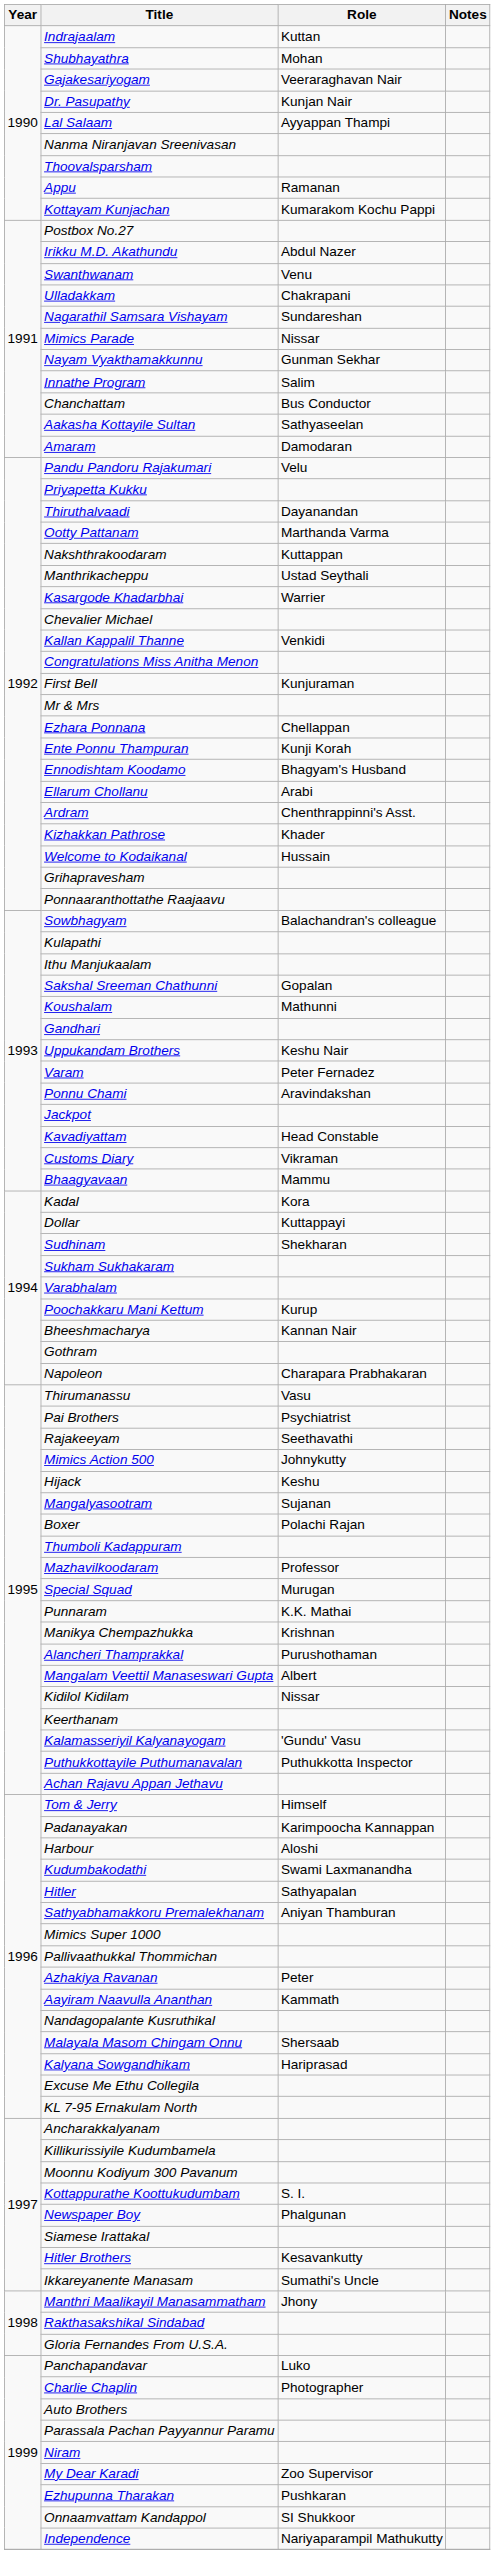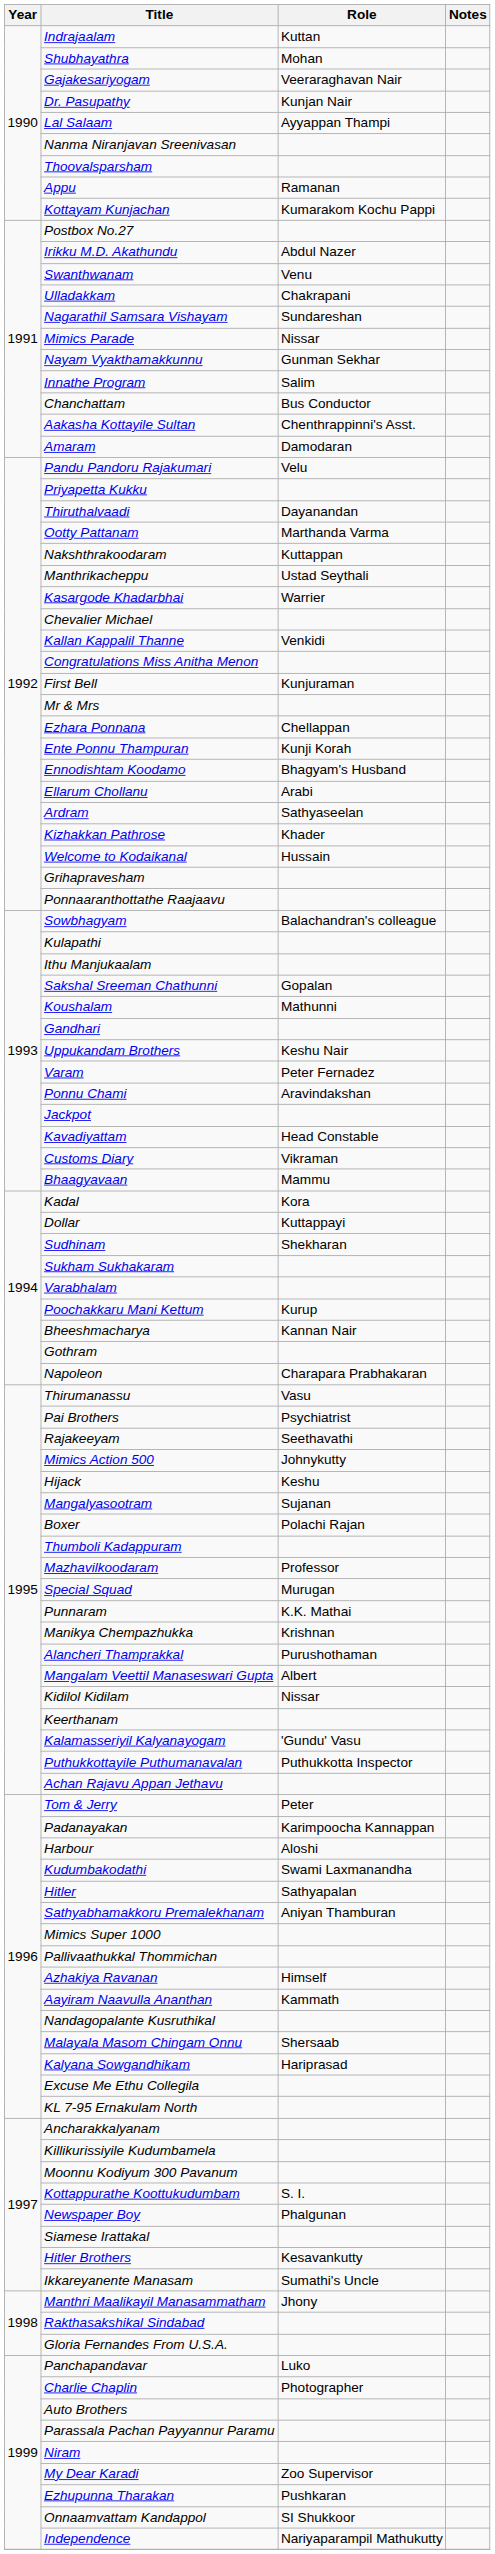 <table class="wikitable sortable">
 <tr>
 <th>Year</th>
 <th>Title</th>
 <th>Role</th>
 <th class="unsortable">Notes</th>
 </tr>
 <tr>
 <td rowspan=9>1990</td>
 <td><em><a href='#'>Indrajaalam</a></em></td>
 <td>Kuttan</td>
 <td></td>
 </tr>
 <tr>
 <td><em><a href='#'>Shubhayathra</a></em></td>
 <td>Mohan</td>
 <td></td>
 </tr>
 <tr>
 <td><em><a href='#'>Gajakesariyogam</a></em></td>
 <td>Veeraraghavan Nair</td>
 <td></td>
 </tr>
 <tr>
 <td><em><a href='#'>Dr. Pasupathy</a></em></td>
 <td>Kunjan Nair</td>
 <td></td>
 </tr>
 <tr>
 <td><em><a href='#'>Lal Salaam</a></em></td>
 <td>Ayyappan Thampi</td>
 <td></td>
 </tr>
 <tr>
 <td><em>Nanma Niranjavan Sreenivasan</em></td>
 <td></td>
 <td></td>
 </tr>
 <tr>
 <td><em><a href='#'>Thoovalsparsham</a></em></td>
 <td></td>
 <td></td>
 </tr>
 <tr>
 <td><em><a href='#'>Appu</a></em></td>
 <td>Ramanan</td>
 <td></td>
 </tr>
 <tr>
 <td><em><a href='#'>Kottayam Kunjachan</a></em></td>
 <td>Kumarakom Kochu Pappi</td>
 <td></td>
 </tr>
 <tr>
 <td rowspan=11>1991</td>
 <td><em>Postbox No.27</em></td>
 <td></td>
 <td></td>
 </tr>
 <tr>
 <td><em><a href='#'>Irikku M.D. Akathundu</a></em></td>
 <td>Abdul Nazer</td>
 <td></td>
 </tr>
 <tr>
 <td><em><a href='#'>Swanthwanam</a></em></td>
 <td>Venu</td>
 <td></td>
 </tr>
 <tr>
 <td><em><a href='#'>Ulladakkam</a></em></td>
 <td>Chakrapani</td>
 <td></td>
 </tr>
 <tr>
 <td><em><a href='#'>Nagarathil Samsara Vishayam</a></em></td>
 <td>Sundareshan</td>
 <td></td>
 </tr>
 <tr>
 <td><em><a href='#'>Mimics Parade</a></em></td>
 <td>Nissar</td>
 <td></td>
 </tr>
 <tr>
 <td><em><a href='#'>Nayam Vyakthamakkunnu</a></em></td>
 <td>Gunman Sekhar</td>
 <td></td>
 </tr>
 <tr>
 <td><em><a href='#'>Innathe Program</a></em></td>
 <td>Salim</td>
 <td></td>
 </tr>
 <tr>
 <td><em>Chanchattam</em></td>
 <td>Bus Conductor</td>
 <td></td>
 </tr>
 <tr>
 <td><em><a href='#'>Aakasha Kottayile Sultan</a></em></td>
-<td>Sathyaseelan</td>
+<td>Chenthrappinni's Asst.</td>
 <td></td>
 </tr>
 <tr>
 <td><em><a href='#'>Amaram</a></em></td>
 <td>Damodaran</td>
 <td></td>
 </tr>
 <tr>
 <td rowspan=21>1992</td>
 <td><em><a href='#'>Pandu Pandoru Rajakumari</a></em></td>
 <td>Velu</td>
 <td></td>
 </tr>
 <tr>
 <td><em><a href='#'>Priyapetta Kukku</a></em></td>
 <td></td>
 <td></td>
 </tr>
 <tr>
 <td><em><a href='#'>Thiruthalvaadi</a></em></td>
 <td>Dayanandan</td>
 <td></td>
 </tr>
 <tr>
 <td><em><a href='#'>Ootty Pattanam</a></em></td>
 <td>Marthanda Varma</td>
 <td></td>
 </tr>
 <tr>
 <td><em>Nakshthrakoodaram</em></td>
 <td>Kuttappan</td>
 <td></td>
 </tr>
 <tr>
 <td><em>Manthrikacheppu</em></td>
 <td>Ustad Seythali</td>
 <td></td>
 </tr>
 <tr>
 <td><em><a href='#'>Kasargode Khadarbhai</a></em></td>
 <td>Warrier</td>
 <td></td>
 </tr>
 <tr>
 <td><em>Chevalier Michael</em></td>
 <td></td>
 <td></td>
 </tr>
 <tr>
 <td><em><a href='#'>Kallan Kappalil Thanne</a></em></td>
 <td>Venkidi</td>
 <td></td>
 </tr>
 <tr>
 <td><em><a href='#'>Congratulations Miss Anitha Menon</a></em></td>
 <td></td>
 <td></td>
 </tr>
 <tr>
 <td><em>First Bell</em></td>
 <td>Kunjuraman</td>
 <td></td>
 </tr>
 <tr>
 <td><em>Mr & Mrs</em></td>
 <td></td>
 <td></td>
 </tr>
 <tr>
 <td><em><a href='#'>Ezhara Ponnana</a></em></td>
 <td>Chellappan</td>
 <td></td>
 </tr>
 <tr>
 <td><em><a href='#'>Ente Ponnu Thampuran</a></em></td>
 <td>Kunji Korah</td>
 <td></td>
 </tr>
 <tr>
 <td><em><a href='#'>Ennodishtam Koodamo</a></em></td>
 <td>Bhagyam's Husband</td>
 <td></td>
 </tr>
 <tr>
 <td><em><a href='#'>Ellarum Chollanu</a></em></td>
 <td>Arabi</td>
 <td></td>
 </tr>
 <tr>
 <td><em><a href='#'>Ardram</a></em></td>
-<td>Chenthrappinni's Asst.</td>
+<td>Sathyaseelan</td>
 <td></td>
 </tr>
 <tr>
 <td><em><a href='#'>Kizhakkan Pathrose</a></em></td>
 <td>Khader</td>
 <td></td>
 </tr>
 <tr>
 <td><em><a href='#'>Welcome to Kodaikanal</a></em></td>
 <td>Hussain</td>
 <td></td>
 </tr>
 <tr>
 <td><em>Grihapravesham</em></td>
 <td></td>
 <td></td>
 </tr>
 <tr>
 <td><em>Ponnaaranthottathe Raajaavu</em></td>
 <td></td>
 <td></td>
 </tr>
 <tr>
 <td rowspan=13>1993</td>
 <td><em><a href='#'>Sowbhagyam</a></em></td>
 <td>Balachandran's colleague</td>
 <td></td>
 </tr>
 <tr>
 <td><em>Kulapathi</em></td>
 <td></td>
 <td></td>
 </tr>
 <tr>
 <td><em>Ithu Manjukaalam</em></td>
 <td></td>
 <td></td>
 </tr>
 <tr>
 <td><em><a href='#'>Sakshal Sreeman Chathunni</a></em></td>
 <td>Gopalan</td>
 <td></td>
 </tr>
 <tr>
 <td><em><a href='#'>Koushalam</a></em></td>
 <td>Mathunni</td>
 <td></td>
 </tr>
 <tr>
 <td><em><a href='#'>Gandhari</a></em></td>
 <td></td>
 <td></td>
 </tr>
 <tr>
 <td><em><a href='#'>Uppukandam Brothers</a></em></td>
 <td>Keshu Nair</td>
 <td></td>
 </tr>
 <tr>
 <td><em><a href='#'>Varam</a></em></td>
 <td>Peter Fernadez</td>
 <td></td>
 </tr>
 <tr>
 <td><em><a href='#'>Ponnu Chami</a></em></td>
 <td>Aravindakshan</td>
 <td></td>
 </tr>
 <tr>
 <td><em><a href='#'>Jackpot</a></em></td>
 <td></td>
 <td></td>
 </tr>
 <tr>
 <td><em><a href='#'>Kavadiyattam</a></em></td>
 <td>Head Constable</td>
 <td></td>
 </tr>
 <tr>
 <td><em><a href='#'>Customs Diary</a></em></td>
 <td>Vikraman</td>
 <td></td>
 </tr>
 <tr>
 <td><em><a href='#'>Bhaagyavaan</a></em></td>
 <td>Mammu</td>
 <td></td>
 </tr>
 <tr>
 <td rowspan=9>1994</td>
 <td><em>Kadal</em></td>
 <td>Kora</td>
 <td></td>
 </tr>
 <tr>
 <td><em>Dollar</em></td>
 <td>Kuttappayi</td>
 <td></td>
 </tr>
 <tr>
 <td><em><a href='#'>Sudhinam</a></em></td>
 <td>Shekharan</td>
 <td></td>
 </tr>
 <tr>
 <td><em><a href='#'>Sukham Sukhakaram</a></em></td>
 <td></td>
 <td></td>
 </tr>
 <tr>
 <td><em><a href='#'>Varabhalam</a></em></td>
 <td></td>
 <td></td>
 </tr>
 <tr>
 <td><em><a href='#'>Poochakkaru Mani Kettum</a></em></td>
 <td>Kurup</td>
 <td></td>
 </tr>
 <tr>
 <td><em>Bheeshmacharya</em></td>
 <td>Kannan Nair</td>
 <td></td>
 </tr>
 <tr>
 <td><em>Gothram</em></td>
 <td></td>
 <td></td>
 </tr>
 <tr>
 <td><em>Napoleon</em></td>
 <td>Charapara Prabhakaran</td>
 <td></td>
 </tr>
 <tr>
 <td rowspan=19>1995</td>
 <td><em>Thirumanassu</em></td>
 <td>Vasu</td>
 <td></td>
 </tr>
 <tr>
 <td><em>Pai Brothers</em></td>
 <td>Psychiatrist</td>
 <td></td>
 </tr>
 <tr>
 <td><em>Rajakeeyam</em></td>
 <td>Seethavathi</td>
 <td></td>
 </tr>
 <tr>
 <td><em><a href='#'>Mimics Action 500</a></em></td>
 <td>Johnykutty</td>
 <td></td>
 </tr>
 <tr>
 <td><em>Hijack</em></td>
 <td>Keshu</td>
 <td></td>
 </tr>
 <tr>
 <td><em><a href='#'>Mangalyasootram</a></em></td>
 <td>Sujanan</td>
 <td></td>
 </tr>
 <tr>
 <td><em>Boxer</em></td>
 <td>Polachi Rajan</td>
 <td></td>
 </tr>
 <tr>
 <td><em><a href='#'>Thumboli Kadappuram</a></em></td>
 <td></td>
 <td></td>
 </tr>
 <tr>
 <td><em><a href='#'>Mazhavilkoodaram</a></em></td>
 <td>Professor</td>
 <td></td>
 </tr>
 <tr>
 <td><em><a href='#'>Special Squad</a></em></td>
 <td>Murugan</td>
 <td></td>
 </tr>
 <tr>
 <td><em>Punnaram</em></td>
 <td>K.K. Mathai</td>
 <td></td>
 </tr>
 <tr>
 <td><em>Manikya Chempazhukka</em></td>
 <td>Krishnan</td>
 <td></td>
 </tr>
 <tr>
 <td><em><a href='#'>Alancheri Thamprakkal</a></em></td>
 <td>Purushothaman</td>
 <td></td>
 </tr>
 <tr>
 <td><em><a href='#'>Mangalam Veettil Manaseswari Gupta</a></em></td>
 <td>Albert</td>
 <td></td>
 </tr>
 <tr>
 <td><em>Kidilol Kidilam</em></td>
 <td>Nissar</td>
 <td></td>
 </tr>
 <tr>
 <td><em>Keerthanam</em></td>
 <td></td>
 <td></td>
 </tr>
 <tr>
 <td><em><a href='#'>Kalamasseriyil Kalyanayogam</a></em></td>
 <td>'Gundu' Vasu</td>
 <td></td>
 </tr>
 <tr>
 <td><em><a href='#'>Puthukkottayile Puthumanavalan</a></em></td>
 <td>Puthukkotta Inspector</td>
 <td></td>
 </tr>
 <tr>
 <td><em><a href='#'>Achan Rajavu Appan Jethavu</a></em></td>
 <td></td>
 <td></td>
 </tr>
 <tr>
 <td rowspan=15>1996</td>
 <td><em><a href='#'>Tom & Jerry</a></em></td>
-<td>Himself</td>
+<td>Peter</td>
 <td></td>
 </tr>
 <tr>
 <td><em>Padanayakan</em></td>
 <td>Karimpoocha Kannappan</td>
 <td></td>
 </tr>
 <tr>
 <td><em>Harbour</em></td>
 <td>Aloshi</td>
 <td></td>
 </tr>
 <tr>
 <td><em><a href='#'>Kudumbakodathi</a></em></td>
 <td>Swami Laxmanandha</td>
 <td></td>
 </tr>
 <tr>
 <td><em><a href='#'>Hitler</a></em></td>
 <td>Sathyapalan</td>
 <td></td>
 </tr>
 <tr>
 <td><em><a href='#'>Sathyabhamakkoru Premalekhanam</a></em></td>
 <td>Aniyan Thamburan</td>
 <td></td>
 </tr>
 <tr>
 <td><em>Mimics Super 1000</em></td>
 <td></td>
 <td></td>
 </tr>
 <tr>
 <td><em>Pallivaathukkal Thommichan</em></td>
 <td></td>
 <td></td>
 </tr>
 <tr>
 <td><em><a href='#'>Azhakiya Ravanan</a></em></td>
-<td>Peter</td>
+<td>Himself</td>
 <td></td>
 </tr>
 <tr>
 <td><em><a href='#'>Aayiram Naavulla Ananthan</a></em></td>
 <td>Kammath</td>
 <td></td>
 </tr>
 <tr>
 <td><em>Nandagopalante Kusruthikal</em></td>
 <td></td>
 <td></td>
 </tr>
 <tr>
 <td><em><a href='#'>Malayala Masom Chingam Onnu</a></em></td>
 <td>Shersaab</td>
 <td></td>
 </tr>
 <tr>
 <td><em><a href='#'>Kalyana Sowgandhikam</a></em></td>
 <td>Hariprasad</td>
 <td></td>
 </tr>
 <tr>
 <td><em>Excuse Me Ethu Collegila</em></td>
 <td></td>
 <td></td>
 </tr>
 <tr>
 <td><em>KL 7-95 Ernakulam North</em></td>
 <td></td>
 <td></td>
 </tr>
 <tr>
 <td rowspan=8>1997</td>
 <td><em>Ancharakkalyanam</em></td>
 <td></td>
 <td></td>
 </tr>
 <tr>
 <td><em>Killikurissiyile Kudumbamela</em></td>
 <td></td>
 <td></td>
 </tr>
 <tr>
 <td><em>Moonnu Kodiyum 300 Pavanum</em></td>
 <td></td>
 <td></td>
 </tr>
 <tr>
 <td><em><a href='#'>Kottappurathe Koottukudumbam</a></em></td>
 <td>S. I.</td>
 <td></td>
 </tr>
 <tr>
 <td><em><a href='#'>Newspaper Boy</a></em></td>
 <td>Phalgunan</td>
 <td></td>
 </tr>
 <tr>
 <td><em>Siamese Irattakal</em></td>
 <td></td>
 <td></td>
 </tr>
 <tr>
 <td><em><a href='#'>Hitler Brothers</a></em></td>
 <td>Kesavankutty</td>
 <td></td>
 </tr>
 <tr>
 <td><em>Ikkareyanente Manasam</em></td>
 <td>Sumathi's Uncle</td>
 <td></td>
 </tr>
 <tr>
 <td rowspan=3>1998</td>
 <td><em><a href='#'>Manthri Maalikayil Manasammatham</a></em></td>
 <td>Jhony</td>
 <td></td>
 </tr>
 <tr>
 <td><em><a href='#'>Rakthasakshikal Sindabad</a></em></td>
 <td></td>
 <td></td>
 </tr>
 <tr>
 <td><em>Gloria Fernandes From U.S.A.</em></td>
 <td></td>
 <td></td>
 </tr>
 <tr>
 <td rowspan=9>1999</td>
 <td><em>Panchapandavar</em></td>
 <td>Luko</td>
 <td></td>
 </tr>
 <tr>
 <td><em><a href='#'>Charlie Chaplin</a></em></td>
 <td>Photographer</td>
 <td></td>
 </tr>
 <tr>
 <td><em>Auto Brothers</em></td>
 <td></td>
 <td></td>
 </tr>
 <tr>
 <td><em>Parassala Pachan Payyannur Paramu</em></td>
 <td></td>
 <td></td>
 </tr>
 <tr>
 <td><em><a href='#'>Niram</a></em></td>
 <td></td>
 <td></td>
 </tr>
 <tr>
 <td><em><a href='#'>My Dear Karadi</a></em></td>
 <td>Zoo Supervisor</td>
 <td></td>
 </tr>
 <tr>
 <td><em><a href='#'>Ezhupunna Tharakan</a></em></td>
 <td>Pushkaran</td>
 <td></td>
 </tr>
 <tr>
 <td><em>Onnaamvattam Kandappol</em></td>
 <td>SI Shukkoor</td>
 <td></td>
 </tr>
 <tr>
 <td><em><a href='#'>Independence</a></em></td>
 <td>Nariyaparampil Mathukutty</td>
 <td></td>
 </tr>
 <tr>
 </tr>
 </table>
